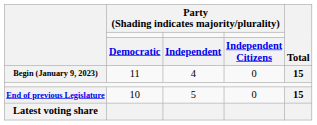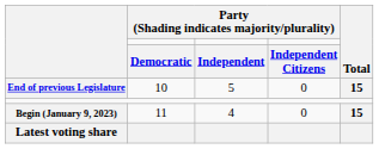 <table class=wikitable style="text-align:center">
 <tr style="vertical-align:bottom;">
 <th rowspan=3></th>
 <th colspan=3>Party <div>(Shading indicates majority/plurality)</div></th>
 <th rowspan=3>Total</th>
 </tr>
 <tr style="height:5px">
 <td style="background-color:"></td>
 <td style="background-color:"></td>
 <td style="background-color:"></td>
 </tr>
 <tr>
 <th><a href='#'>Democratic</a></th>
 <th><a href='#'>Independent</a></th>
 <th><a href='#'>Independent<br>Citizens</a></th>
 </tr>
 <tr>
-<th nowrap style="font-size:80%">Begin (January 9, 2023)</th>
-<td>11</td>
-<td>4</td>
+<th nowrap style="font-size:80%"><a href='#'>End of previous Legislature</a></th>
+<td>10</td>
+<td>5</td>
 <td>0</td>
 <th>15</th>
 </tr>
 <tr>
 <td colspan=5></td>
 </tr>
 <tr>
-<th nowrap style="font-size:80%"><a href='#'>End of previous Legislature</a></th>
-<td>10</td>
-<td>5</td>
+<th nowrap style="font-size:80%">Begin (January 9, 2023)</th>
+<td>11</td>
+<td>4</td>
 <td>0</td>
 <th>15</th>
 </tr>
 <tr>
 <th>Latest voting share</th>
 <th></th>
 <th></th>
 <th></th>
 <th></th>
 </tr>
 </table>
